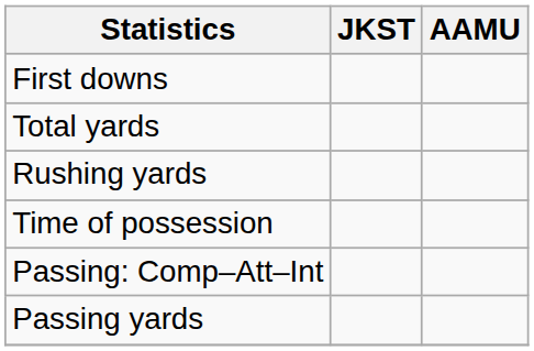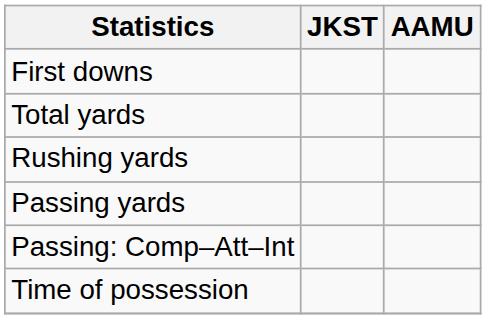 <table class="wikitable" style="float: left;">
 <tr>
 <th>Statistics</th>
 <th>JKST</th>
 <th>AAMU</th>
 </tr>
 <tr>
 <td>First downs</td>
 <td></td>
 <td></td>
 </tr>
 <tr>
 <td>Total yards</td>
 <td></td>
 <td></td>
 </tr>
 <tr>
 <td>Rushing yards</td>
 <td></td>
 <td></td>
 </tr>
 <tr>
-<td>Time of possession</td>
+<td>Passing yards</td>
 <td></td>
 <td></td>
 </tr>
 <tr>
 <td>Passing: Comp–Att–Int</td>
 <td></td>
 <td></td>
 </tr>
 <tr>
-<td>Passing yards</td>
+<td>Time of possession</td>
 <td></td>
 <td></td>
 </tr>
 <tr>
 </tr>
 </table>
